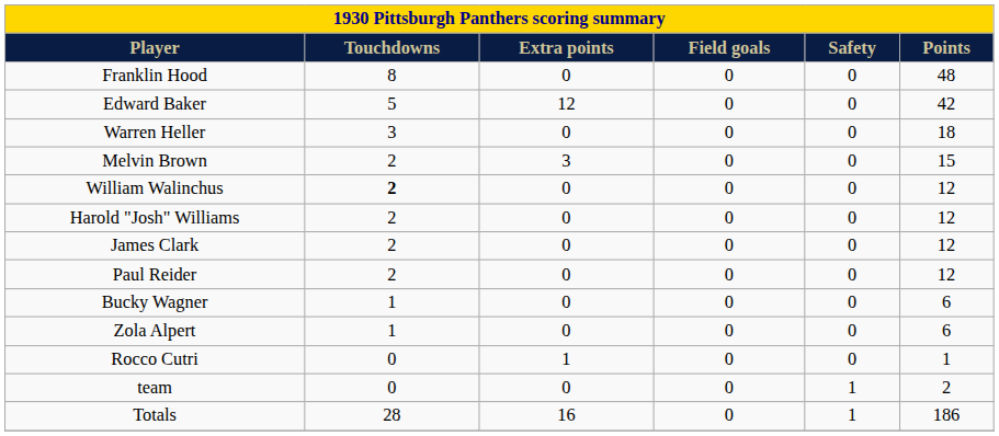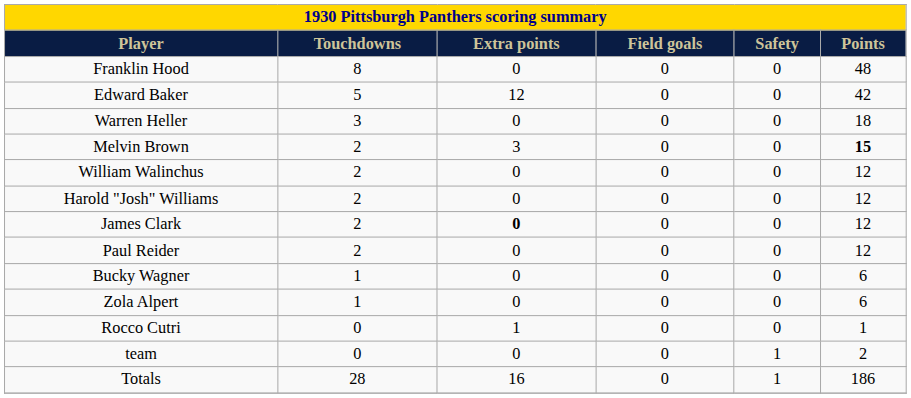 <table class="wikitable" width="70%">
 <tr>
 <th colspan="10" style="background:gold; color:darkblue; text-align: center;"><strong>1930 Pittsburgh Panthers scoring summary</strong></th>
 </tr>
 <tr align="center"  style="background:#091C44;color:#CEC499;">
 <td><strong>Player</strong></td>
 <td><strong>Touchdowns</strong></td>
 <td><strong>Extra points</strong></td>
 <td><strong>Field goals</strong></td>
 <td><strong>Safety</strong></td>
 <td><strong>Points</strong></td>
 </tr>
 <tr align="center" bgcolor="">
 <td>Franklin Hood</td>
 <td>8</td>
 <td>0</td>
 <td>0</td>
 <td>0</td>
 <td>48</td>
 </tr>
 <tr align="center" bgcolor="">
 <td>Edward Baker</td>
 <td>5</td>
 <td>12</td>
 <td>0</td>
 <td>0</td>
 <td>42</td>
 </tr>
 <tr align="center" bgcolor="">
 <td>Warren Heller</td>
 <td>3</td>
 <td>0</td>
 <td>0</td>
 <td>0</td>
 <td>18</td>
 </tr>
 <tr align="center" bgcolor="">
 <td>Melvin Brown</td>
 <td>2</td>
 <td>3</td>
 <td>0</td>
 <td>0</td>
-<td>15</td>
+<td><strong>15</strong></td>
 </tr>
 <tr align="center" bgcolor="">
 <td>William Walinchus</td>
-<td><strong>2</strong></td>
+<td>2</td>
 <td>0</td>
 <td>0</td>
 <td>0</td>
 <td>12</td>
 </tr>
 <tr align="center" bgcolor="">
 <td>Harold "Josh" Williams</td>
 <td>2</td>
 <td>0</td>
 <td>0</td>
 <td>0</td>
 <td>12</td>
 </tr>
 <tr align="center" bgcolor="">
 <td>James Clark</td>
 <td>2</td>
-<td>0</td>
+<td><strong>0</strong></td>
 <td>0</td>
 <td>0</td>
 <td>12</td>
 </tr>
 <tr align="center" bgcolor="">
 <td>Paul Reider</td>
 <td>2</td>
 <td>0</td>
 <td>0</td>
 <td>0</td>
 <td>12</td>
 </tr>
 <tr align="center" bgcolor="">
 <td>Bucky Wagner</td>
 <td>1</td>
 <td>0</td>
 <td>0</td>
 <td>0</td>
 <td>6</td>
 </tr>
 <tr align="center" bgcolor="">
 <td>Zola Alpert</td>
 <td>1</td>
 <td>0</td>
 <td>0</td>
 <td>0</td>
 <td>6</td>
 </tr>
 <tr align="center" bgcolor="">
 <td>Rocco Cutri</td>
 <td>0</td>
 <td>1</td>
 <td>0</td>
 <td>0</td>
 <td>1</td>
 </tr>
 <tr align="center" bgcolor="">
 <td>team</td>
 <td>0</td>
 <td>0</td>
 <td>0</td>
 <td>1</td>
 <td>2</td>
 </tr>
 <tr align="center" bgcolor="">
 <td>Totals</td>
 <td>28</td>
 <td>16</td>
 <td>0</td>
 <td>1</td>
 <td>186</td>
 </tr>
 <tr align="center" bgcolor="">
 </tr>
 </table>
